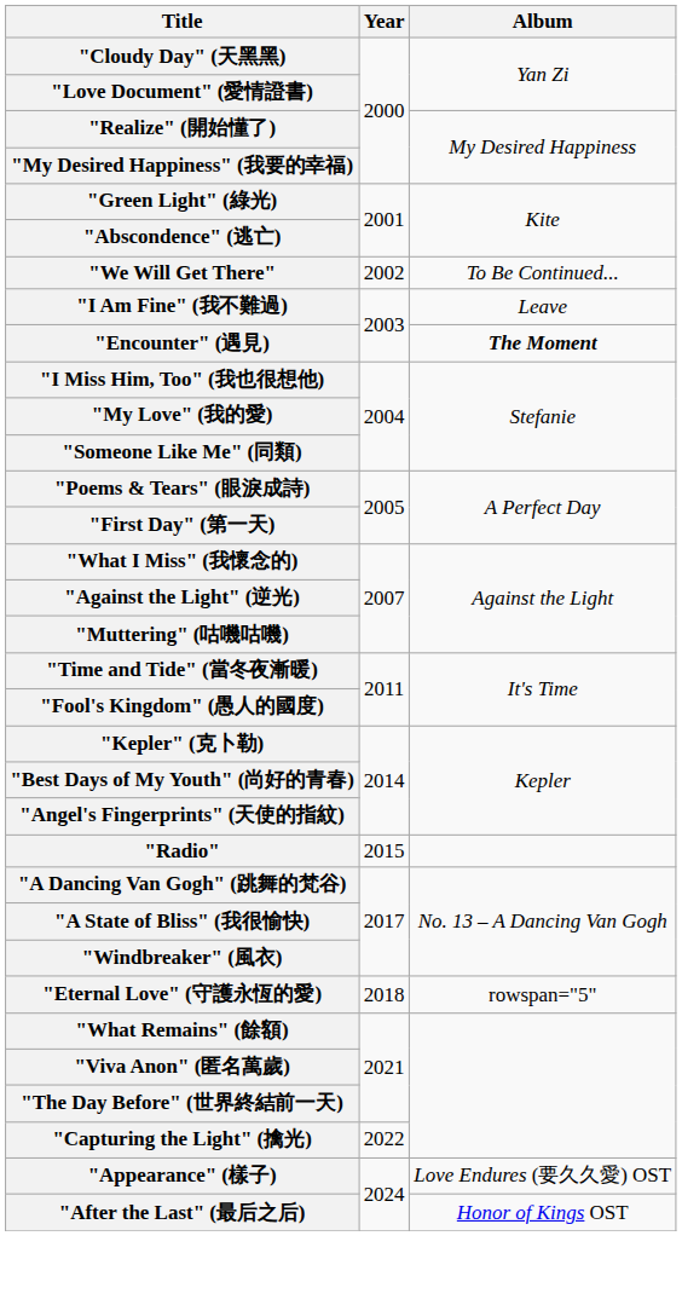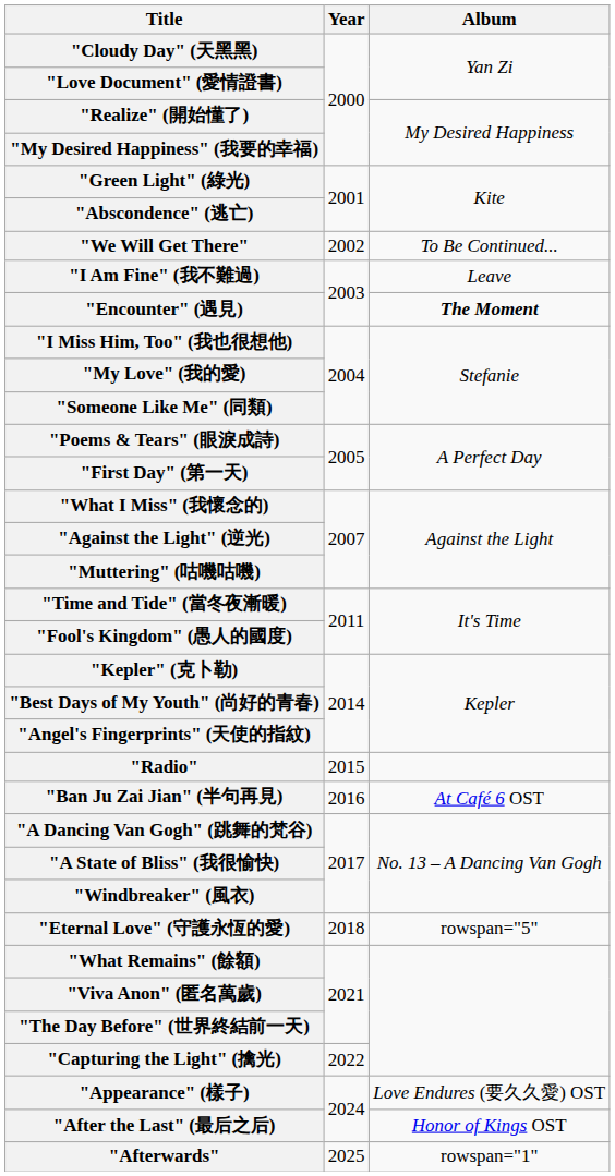 <table class="wikitable plainrowheaders" style="text-align:center;">
 <tr>
 <th rowspan="1" scope="col">Title</th>
 <th rowspan="1" scope="col">Year</th>
 <th rowspan="1" scope="col">Album</th>
 </tr>
 <tr>
 <th scope="row">"Cloudy Day" (天黑黑)</th>
 <td rowspan="4">2000</td>
 <td rowspan="2"><em>Yan Zi</em></td>
 </tr>
 <tr>
 <th scope="row">"Love Document" (愛情證書)</th>
 </tr>
 <tr>
 <th scope="row">"Realize" (開始懂了)</th>
 <td rowspan="2"><em>My Desired Happiness</em></td>
 </tr>
 <tr>
 <th scope="row">"My Desired Happiness" (我要的幸福)</th>
 </tr>
 <tr>
 <th scope="row">"Green Light" (綠光)</th>
 <td rowspan="2">2001</td>
 <td rowspan="2"><em>Kite</em></td>
 </tr>
 <tr>
 <th scope="row">"Abscondence" (逃亡)</th>
 </tr>
 <tr>
 <th scope="row">"We Will Get There"</th>
 <td>2002</td>
 <td><em>To Be Continued...</em></td>
 </tr>
 <tr>
 <th scope="row">"I Am Fine" (我不難過)</th>
 <td rowspan="2">2003</td>
 <td><em>Leave</em></td>
 </tr>
 <tr>
 <th scope="row">"Encounter" (遇見)</th>
 <td><strong><em>The Moment</em></strong></td>
 </tr>
 <tr>
 <th scope="row">"I Miss Him, Too" (我也很想他)</th>
 <td rowspan="3">2004</td>
 <td rowspan="3"><em>Stefanie</em></td>
 </tr>
 <tr>
 <th scope="row">"My Love" (我的愛)</th>
 </tr>
 <tr>
 <th scope="row">"Someone Like Me" (同類)</th>
 </tr>
 <tr>
 <th scope="row">"Poems & Tears" (眼淚成詩)</th>
 <td rowspan="2">2005</td>
 <td rowspan="2"><em>A Perfect Day</em></td>
 </tr>
 <tr>
 <th scope="row">"First Day" (第一天)</th>
 </tr>
 <tr>
 <th scope="row">"What I Miss" (我懷念的)</th>
 <td rowspan="3">2007</td>
 <td rowspan="3"><em>Against the Light</em></td>
 </tr>
 <tr>
 <th scope="row">"Against the Light" (逆光)</th>
 </tr>
 <tr>
 <th scope="row">"Muttering" (咕嘰咕嘰)</th>
 </tr>
 <tr>
 <th scope="row">"Time and Tide" (當冬夜漸暖)</th>
 <td rowspan="2">2011</td>
 <td rowspan="2"><em>It's Time</em></td>
 </tr>
 <tr>
 <th scope="row">"Fool's Kingdom" (愚人的國度)</th>
 </tr>
 <tr>
 <th scope="row">"Kepler" (克卜勒)</th>
 <td rowspan="3">2014</td>
 <td rowspan="3"><em>Kepler</em></td>
 </tr>
 <tr>
 <th scope="row">"Best Days of My Youth" (尚好的青春)</th>
 </tr>
 <tr>
 <th scope="row">"Angel's Fingerprints" (天使的指紋)</th>
 </tr>
 <tr>
 <th scope="row">"Radio"</th>
 <td>2015</td>
 <td></td>
 </tr>
 <tr>
+<th scope="row">"Ban Ju Zai Jian" (半句再見)</th>
+<td>2016</td>
+<td><em><a href='#'>At Café 6</a></em> OST</td>
+</tr>
+<tr>
 <th scope="row">"A Dancing Van Gogh" (跳舞的梵谷)</th>
 <td rowspan="3">2017</td>
 <td rowspan="3"><em>No. 13 – A Dancing Van Gogh</em></td>
 </tr>
 <tr>
 <th scope="row">"A State of Bliss" (我很愉快)</th>
 </tr>
 <tr>
 <th scope="row">"Windbreaker" (風衣)</th>
 </tr>
 <tr>
 <th scope="row">"Eternal Love" (守護永恆的愛)</th>
 <td>2018</td>
 <td>rowspan="5" </td>
 </tr>
 <tr>
 <th scope="row">"What Remains" (餘額)</th>
 <td rowspan="3">2021</td>
 </tr>
 <tr>
 <th scope="row">"Viva Anon" (匿名萬歲)</th>
 </tr>
 <tr>
 <th scope="row">"The Day Before" (世界終結前一天)</th>
 </tr>
 <tr>
 <th scope="row">"Capturing the Light" (擒光)</th>
 <td rowspan="1">2022</td>
 </tr>
 <tr>
 <th scope="row">"Appearance" (樣子)</th>
 <td rowspan="2">2024</td>
 <td><em>Love Endures</em> (要久久愛) OST</td>
 </tr>
 <tr>
 <th scope="row">"After the Last" (最后之后)</th>
 <td><em><a href='#'>Honor of Kings</a></em> OST</td>
 </tr>
+<tr>
+<th scope="row">"Afterwards"</th>
+<td rowspan="1">2025</td>
+<td>rowspan="1" </td>
+</tr>
 </table>
